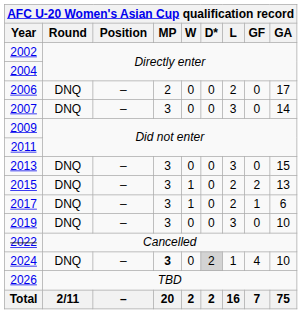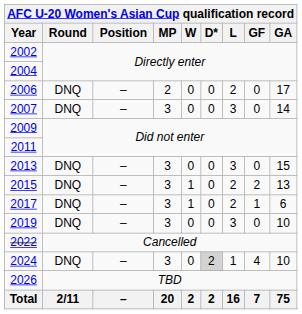 <table class="wikitable" style="text-align: center;">
 <tr>
 <th colspan=10><a href='#'>AFC U-20 Women's Asian Cup</a> qualification record</th>
 </tr>
 <tr>
 <th>Year</th>
 <th>Round</th>
 <th>Position</th>
 <th>MP</th>
 <th>W</th>
 <th>D*</th>
 <th>L</th>
 <th>GF</th>
 <th>GA</th>
 </tr>
 <tr>
 <td> <a href='#'>2002</a></td>
 <td rowspan=2 colspan=9><em>Directly enter</em></td>
 </tr>
 <tr>
 <td> <a href='#'>2004</a></td>
 </tr>
 <tr>
 <td> <a href='#'>2006</a></td>
 <td>DNQ</td>
 <td>–</td>
 <td>2</td>
 <td>0</td>
 <td>0</td>
 <td>2</td>
 <td>0</td>
 <td>17</td>
 </tr>
 <tr>
 <td> <a href='#'>2007</a></td>
 <td>DNQ</td>
 <td>–</td>
 <td>3</td>
 <td>0</td>
 <td>0</td>
 <td>3</td>
 <td>0</td>
 <td>14</td>
 </tr>
 <tr>
 <td> <a href='#'>2009</a></td>
 <td rowspan=2 colspan=9><em>Did not enter</em></td>
 </tr>
 <tr>
 <td> <a href='#'>2011</a></td>
 </tr>
 <tr>
 <td> <a href='#'>2013</a></td>
 <td>DNQ</td>
 <td>–</td>
 <td>3</td>
 <td>0</td>
 <td>0</td>
 <td>3</td>
 <td>0</td>
 <td>15</td>
 </tr>
 <tr>
 <td> <a href='#'>2015</a></td>
 <td>DNQ</td>
 <td>–</td>
 <td>3</td>
 <td>1</td>
 <td>0</td>
 <td>2</td>
 <td>2</td>
 <td>13</td>
 </tr>
 <tr>
 <td> <a href='#'>2017</a></td>
 <td>DNQ</td>
 <td>–</td>
 <td>3</td>
 <td>1</td>
 <td>0</td>
 <td>2</td>
 <td>1</td>
 <td>6</td>
 </tr>
 <tr>
 <td> <a href='#'>2019</a></td>
 <td>DNQ</td>
 <td>–</td>
 <td>3</td>
 <td>0</td>
 <td>0</td>
 <td>3</td>
 <td>0</td>
 <td>10</td>
 </tr>
 <tr>
 <td><s><a href='#'>2022</a></s></td>
 <td colspan=9><em>Cancelled</em></td>
 </tr>
 <tr>
 <td> <a href='#'>2024</a></td>
 <td>DNQ</td>
 <td>–</td>
-<td><strong>3</strong></td>
+<td>3</td>
 <td>0</td>
 <td style="background: lightgrey;">2</td>
 <td>1</td>
 <td>4</td>
 <td>10</td>
 </tr>
 <tr>
 <td> <a href='#'>2026</a></td>
 <td colspan=9><em>TBD</em></td>
 </tr>
 <tr>
 <th>Total</th>
 <th>2/11</th>
 <th>–</th>
 <th>20</th>
 <th>2</th>
 <th>2</th>
 <th>16</th>
 <th>7</th>
 <th>75</th>
 </tr>
 </table>
